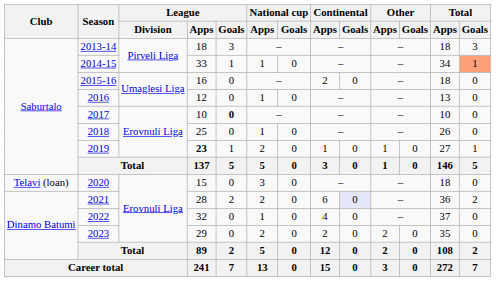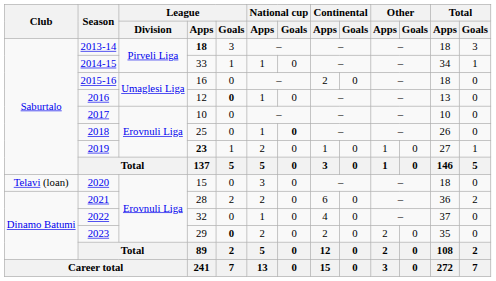 <table class="wikitable" style="text-align:center">
 <tr>
 <th rowspan="2">Club</th>
 <th rowspan="2">Season</th>
 <th colspan="3">League</th>
 <th colspan="2">National cup</th>
 <th colspan="2">Continental</th>
 <th colspan="2">Other</th>
 <th colspan="2">Total</th>
 </tr>
 <tr>
 <th>Division</th>
 <th>Apps</th>
 <th>Goals</th>
 <th>Apps</th>
 <th>Goals</th>
 <th>Apps</th>
 <th>Goals</th>
 <th>Apps</th>
 <th>Goals</th>
 <th>Apps</th>
 <th>Goals</th>
 </tr>
 <tr>
 <td rowspan="8"><a href='#'>Saburtalo</a></td>
 <td><a href='#'>2013-14</a></td>
 <td rowspan="2"><a href='#'>Pirveli Liga</a></td>
-<td>18</td>
+<td><strong>18</strong></td>
 <td>3</td>
 <td colspan="2">–</td>
 <td colspan="2">–</td>
 <td colspan="2">–</td>
 <td>18</td>
 <td>3</td>
 </tr>
 <tr>
 <td><a href='#'>2014-15</a></td>
 <td>33</td>
 <td>1</td>
 <td>1</td>
 <td>0</td>
 <td colspan="2">–</td>
 <td colspan="2">–</td>
 <td>34</td>
-<td style="background: lightsalmon;">1</td>
+<td>1</td>
 </tr>
 <tr>
 <td><a href='#'>2015-16</a></td>
 <td rowspan="2"><a href='#'>Umaglesi Liga</a></td>
 <td>16</td>
 <td>0</td>
 <td colspan="2">–</td>
 <td>2</td>
 <td>0</td>
 <td colspan="2">–</td>
 <td>18</td>
 <td>0</td>
 </tr>
 <tr>
 <td><a href='#'>2016</a></td>
 <td>12</td>
-<td>0</td>
+<td><strong>0</strong></td>
 <td>1</td>
 <td>0</td>
 <td colspan="2">–</td>
 <td colspan="2">–</td>
 <td>13</td>
 <td>0</td>
 </tr>
 <tr>
 <td><a href='#'>2017</a></td>
 <td rowspan="3"><a href='#'>Erovnuli Liga</a></td>
 <td>10</td>
-<td><strong>0</strong></td>
+<td>0</td>
 <td colspan="2">–</td>
 <td colspan="2">–</td>
 <td colspan="2">–</td>
 <td>10</td>
 <td>0</td>
 </tr>
 <tr>
 <td><a href='#'>2018</a></td>
 <td>25</td>
 <td>0</td>
 <td>1</td>
-<td>0</td>
+<td><strong>0</strong></td>
 <td colspan="2">–</td>
 <td colspan="2">–</td>
 <td>26</td>
 <td>0</td>
 </tr>
 <tr>
 <td><a href='#'>2019</a></td>
 <td><strong>23</strong></td>
 <td>1</td>
 <td>2</td>
 <td>0</td>
 <td>1</td>
 <td>0</td>
 <td>1</td>
 <td>0</td>
 <td>27</td>
 <td>1</td>
 </tr>
 <tr>
 <th colspan="2">Total</th>
 <th>137</th>
 <th>5</th>
 <th>5</th>
 <th>0</th>
 <th>3</th>
 <th>0</th>
 <th>1</th>
 <th>0</th>
 <th>146</th>
 <th>5</th>
 </tr>
 <tr>
 <td><a href='#'>Telavi</a> (loan)</td>
 <td><a href='#'>2020</a></td>
 <td rowspan="4"><a href='#'>Erovnuli Liga</a></td>
 <td>15</td>
 <td>0</td>
 <td>3</td>
 <td>0</td>
 <td colspan="2">–</td>
 <td colspan="2">–</td>
 <td>18</td>
 <td>0</td>
 </tr>
 <tr>
 <td rowspan="4"><a href='#'>Dinamo Batumi</a></td>
 <td><a href='#'>2021</a></td>
 <td>28</td>
 <td>2</td>
 <td>2</td>
 <td>0</td>
 <td>6</td>
-<td style="background: lavender;">0</td>
+<td>0</td>
 <td colspan="2">–</td>
 <td>36</td>
 <td>2</td>
 </tr>
 <tr>
 <td><a href='#'>2022</a></td>
 <td>32</td>
 <td>0</td>
 <td>1</td>
 <td>0</td>
 <td>4</td>
 <td>0</td>
 <td colspan="2">–</td>
 <td>37</td>
 <td>0</td>
 </tr>
 <tr>
 <td><a href='#'>2023</a></td>
 <td>29</td>
-<td>0</td>
+<td><strong>0</strong></td>
 <td>2</td>
 <td>0</td>
 <td>2</td>
 <td>0</td>
 <td>2</td>
 <td>0</td>
 <td>35</td>
 <td>0</td>
 </tr>
 <tr>
 <th colspan="2">Total</th>
 <th>89</th>
 <th>2</th>
 <th>5</th>
 <th>0</th>
 <th>12</th>
 <th>0</th>
 <th>2</th>
 <th>0</th>
 <th>108</th>
 <th>2</th>
 </tr>
 <tr>
 <th colspan="3">Career total</th>
 <th>241</th>
 <th>7</th>
 <th>13</th>
 <th>0</th>
 <th>15</th>
 <th>0</th>
 <th>3</th>
 <th>0</th>
 <th>272</th>
 <th>7</th>
 </tr>
 </table>
